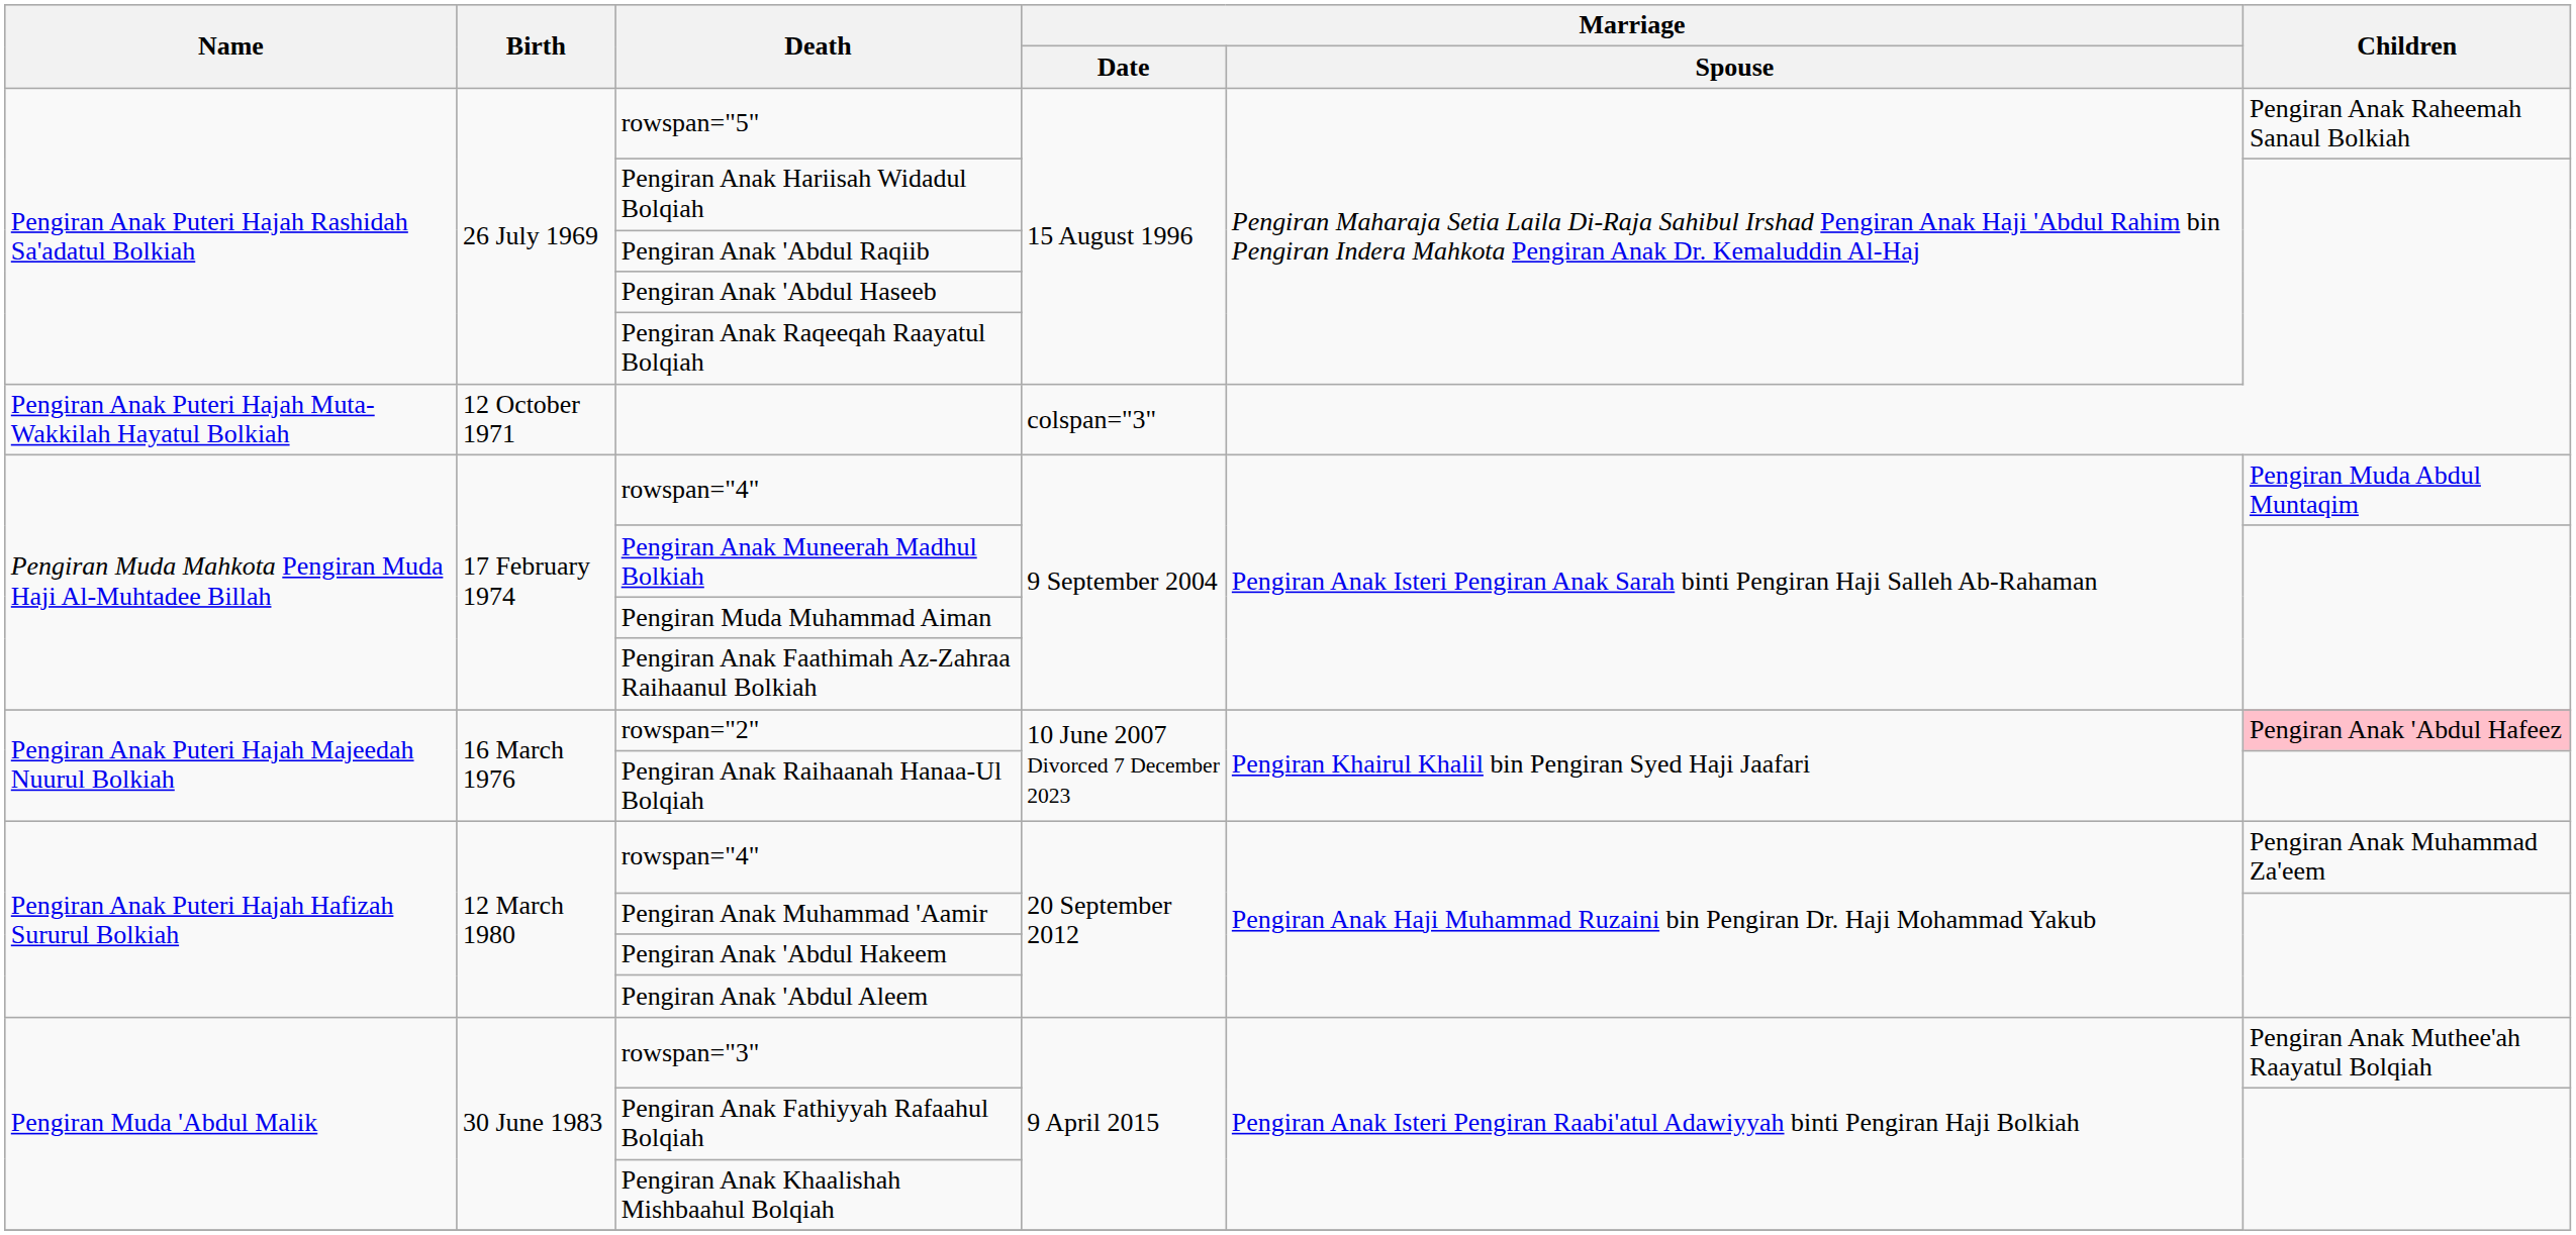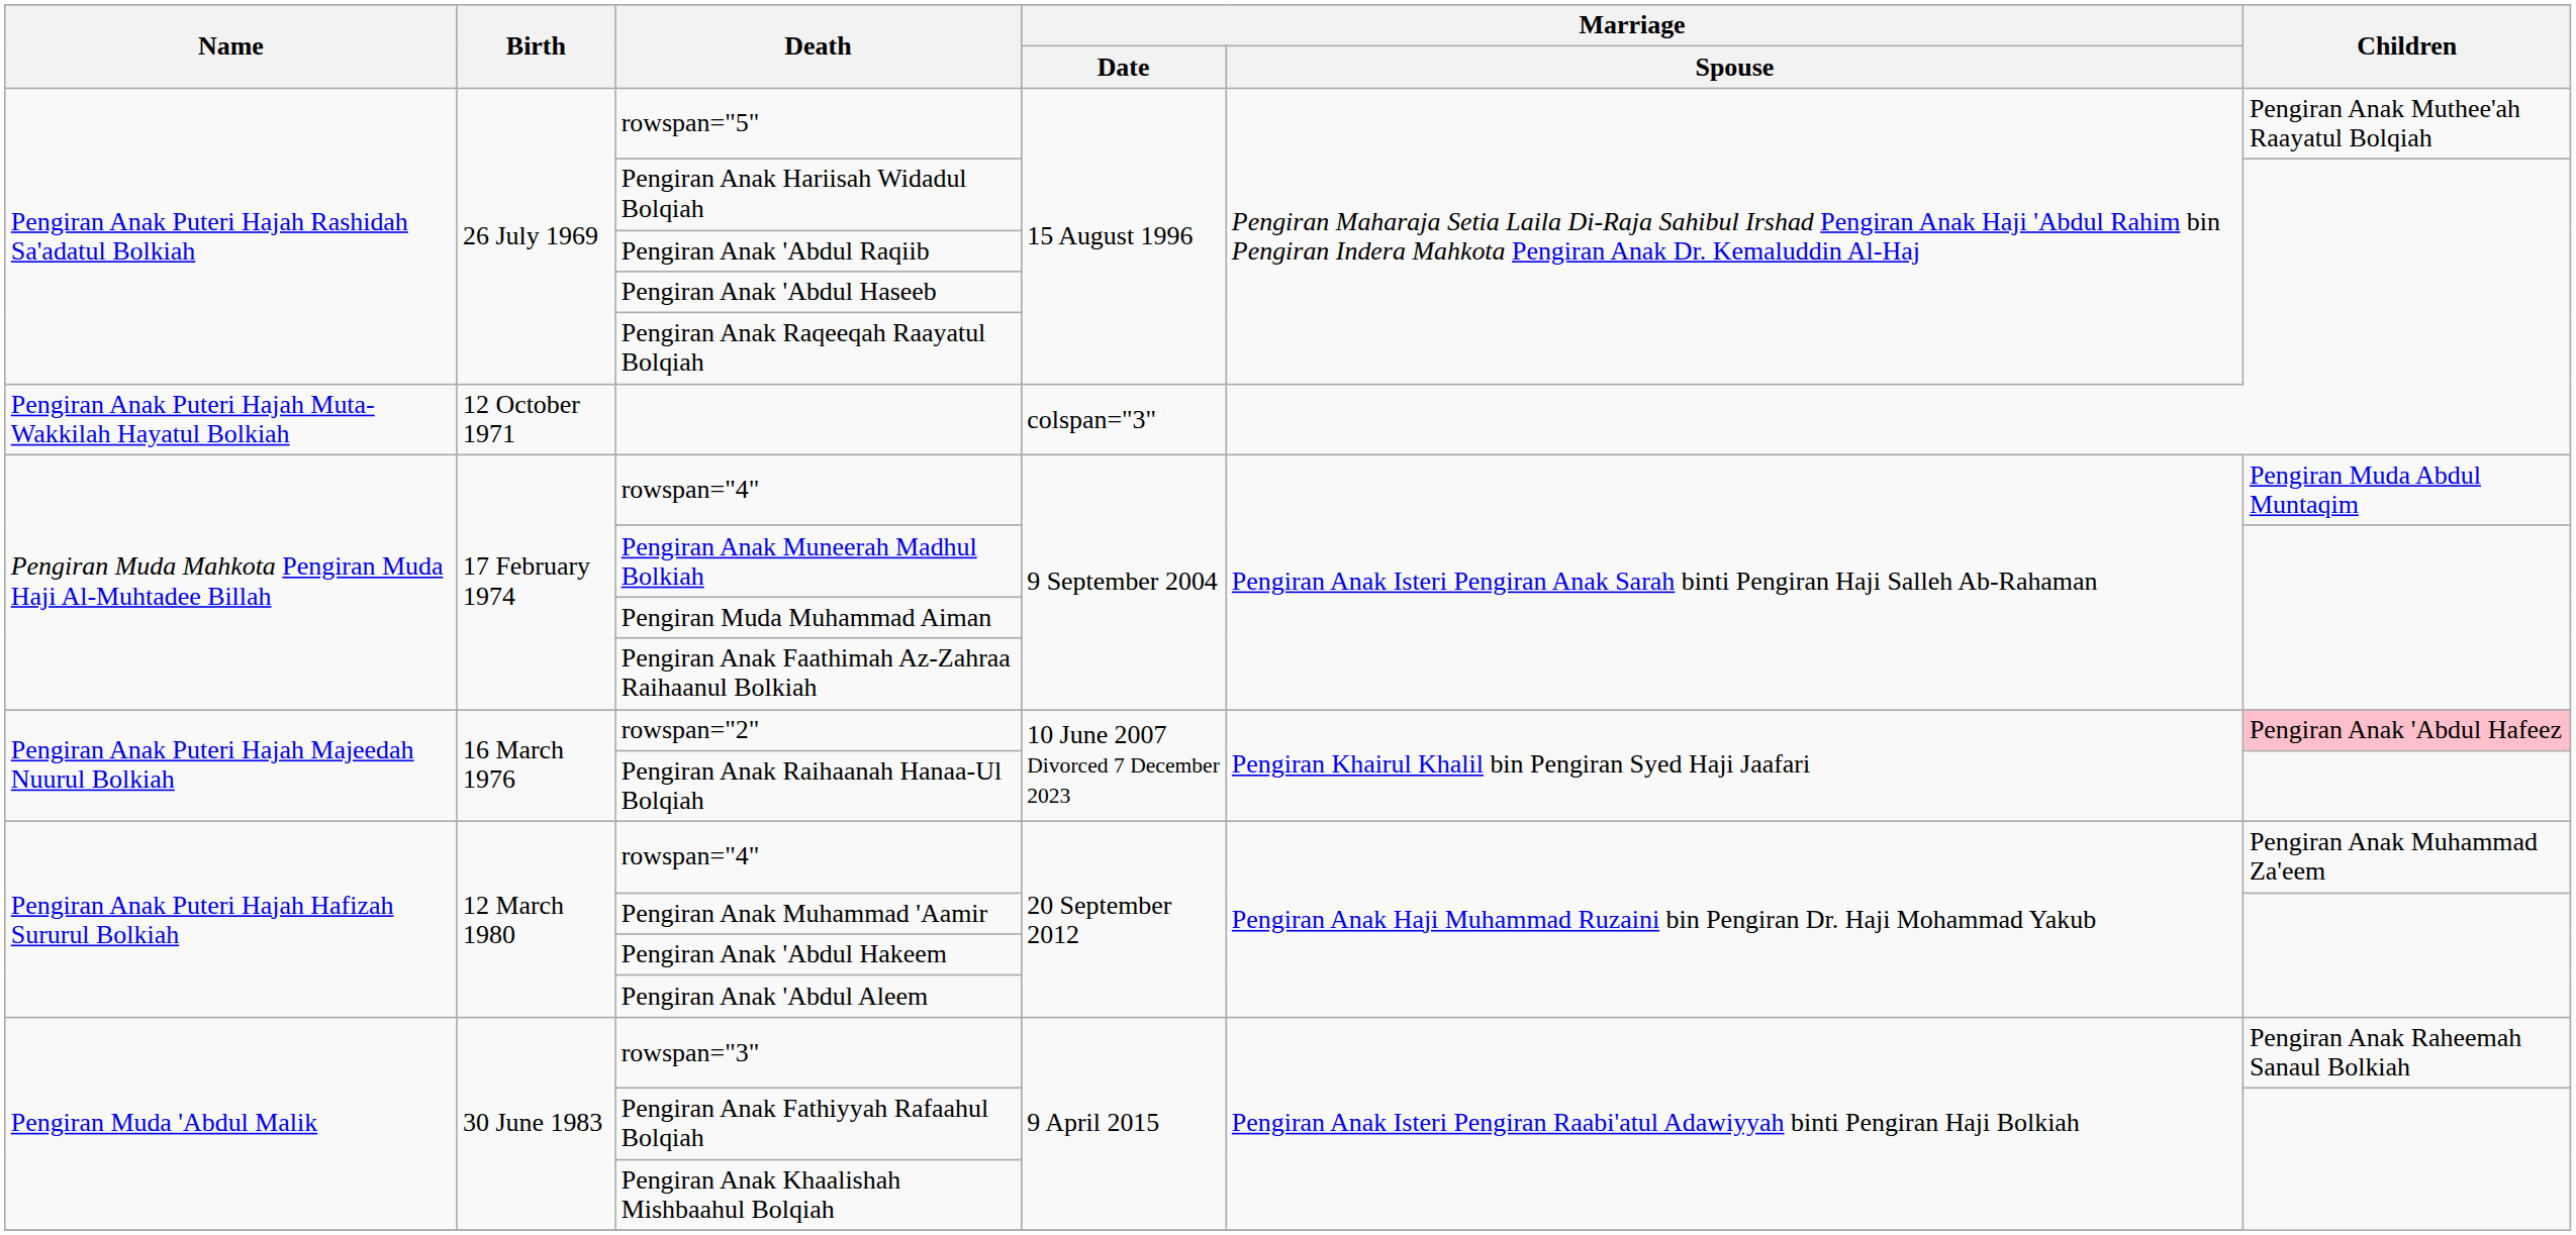 <table class="wikitable">
 <tr>
 <th rowspan="2">Name</th>
 <th rowspan="2">Birth</th>
 <th rowspan="2">Death</th>
 <th colspan="2">Marriage</th>
 <th rowspan="2">Children</th>
 </tr>
 <tr>
 <th>Date</th>
 <th>Spouse</th>
 </tr>
 <tr>
 <td rowspan="5"><a href='#'>Pengiran Anak Puteri Hajah Rashidah Sa'adatul Bolkiah</a></td>
 <td rowspan="5">26 July 1969</td>
 <td>rowspan="5" </td>
 <td rowspan="5">15 August 1996</td>
 <td rowspan="5"><em>Pengiran Maharaja Setia Laila Di-Raja Sahibul Irshad</em> <a href='#'>Pengiran Anak Haji 'Abdul Rahim</a> bin <em>Pengiran Indera Mahkota</em> <a href='#'>Pengiran Anak Dr. Kemaluddin Al-Haj</a></td>
-<td>Pengiran Anak Raheemah Sanaul Bolkiah</td>
+<td>Pengiran Anak Muthee'ah Raayatul Bolqiah</td>
 </tr>
 <tr>
 <td>Pengiran Anak Hariisah Widadul Bolqiah</td>
 </tr>
 <tr>
 <td>Pengiran Anak 'Abdul Raqiib</td>
 </tr>
 <tr>
 <td>Pengiran Anak 'Abdul Haseeb</td>
 </tr>
 <tr>
 <td>Pengiran Anak Raqeeqah Raayatul Bolqiah</td>
 </tr>
 <tr>
 <td><a href='#'>Pengiran Anak Puteri Hajah Muta-Wakkilah Hayatul Bolkiah</a></td>
 <td>12 October 1971</td>
 <td></td>
 <td>colspan="3" </td>
 </tr>
 <tr>
 <td rowspan="4"><em>Pengiran Muda Mahkota</em> <a href='#'>Pengiran Muda Haji Al-Muhtadee Billah</a></td>
 <td rowspan="4">17 February 1974</td>
 <td>rowspan="4" </td>
 <td rowspan="4">9 September 2004</td>
 <td rowspan="4"><a href='#'>Pengiran Anak Isteri Pengiran Anak Sarah</a> binti Pengiran Haji Salleh Ab-Rahaman</td>
 <td><a href='#'>Pengiran Muda Abdul Muntaqim</a></td>
 </tr>
 <tr>
 <td><a href='#'>Pengiran Anak Muneerah Madhul Bolkiah</a></td>
 </tr>
 <tr>
 <td>Pengiran Muda Muhammad Aiman</td>
 </tr>
 <tr>
 <td>Pengiran Anak Faathimah Az-Zahraa Raihaanul Bolkiah</td>
 </tr>
 <tr>
 <td rowspan="2"><a href='#'>Pengiran Anak Puteri Hajah Majeedah Nuurul Bolkiah</a></td>
 <td rowspan="2">16 March 1976</td>
 <td>rowspan="2" </td>
 <td rowspan="2">10 June 2007<br><small>Divorced 7 December 2023</small></td>
 <td rowspan="2"><a href='#'>Pengiran Khairul Khalil</a> bin Pengiran Syed Haji Jaafari</td>
 <td style="background: pink;">Pengiran Anak 'Abdul Hafeez</td>
 </tr>
 <tr>
 <td>Pengiran Anak Raihaanah Hanaa-Ul Bolqiah</td>
 </tr>
 <tr>
 <td rowspan="4"><a href='#'>Pengiran Anak Puteri Hajah Hafizah Sururul Bolkiah</a></td>
 <td rowspan="4">12 March 1980</td>
 <td>rowspan="4" </td>
 <td rowspan="4">20 September 2012</td>
 <td rowspan="4"><a href='#'>Pengiran Anak Haji Muhammad Ruzaini</a> bin Pengiran Dr. Haji Mohammad Yakub</td>
 <td>Pengiran Anak Muhammad Za'eem</td>
 </tr>
 <tr>
 <td>Pengiran Anak Muhammad 'Aamir</td>
 </tr>
 <tr>
 <td>Pengiran Anak 'Abdul Hakeem</td>
 </tr>
 <tr>
 <td>Pengiran Anak 'Abdul Aleem</td>
 </tr>
 <tr>
 <td rowspan="3"><a href='#'>Pengiran Muda 'Abdul Malik</a></td>
 <td rowspan="3">30 June 1983</td>
 <td>rowspan="3" </td>
 <td rowspan="3">9 April 2015</td>
 <td rowspan="3"><a href='#'>Pengiran Anak Isteri Pengiran Raabi'atul Adawiyyah</a> binti Pengiran Haji Bolkiah</td>
-<td>Pengiran Anak Muthee'ah Raayatul Bolqiah</td>
+<td>Pengiran Anak Raheemah Sanaul Bolkiah</td>
 </tr>
 <tr>
 <td>Pengiran Anak Fathiyyah Rafaahul Bolqiah</td>
 </tr>
 <tr>
 <td>Pengiran Anak Khaalishah Mishbaahul Bolqiah</td>
 </tr>
 <tr>
 </tr>
 </table>
